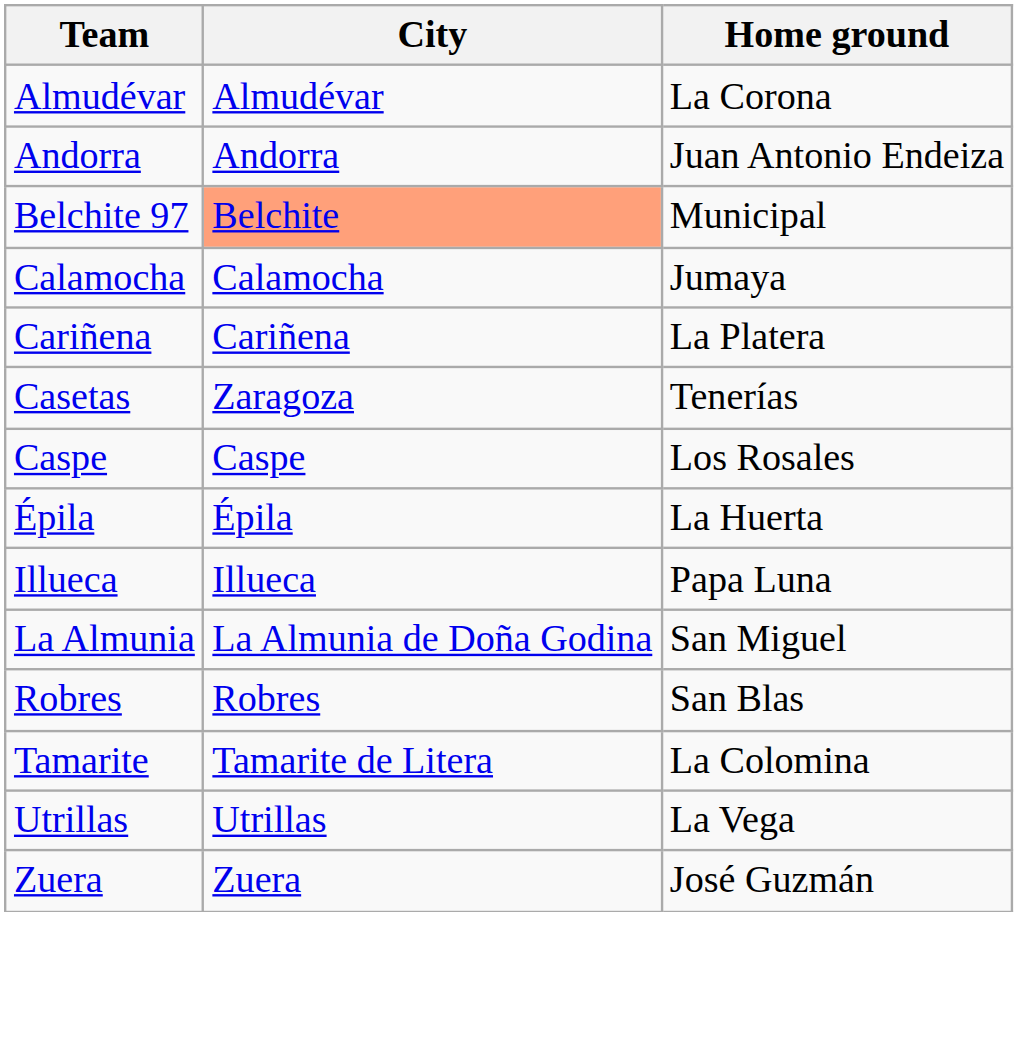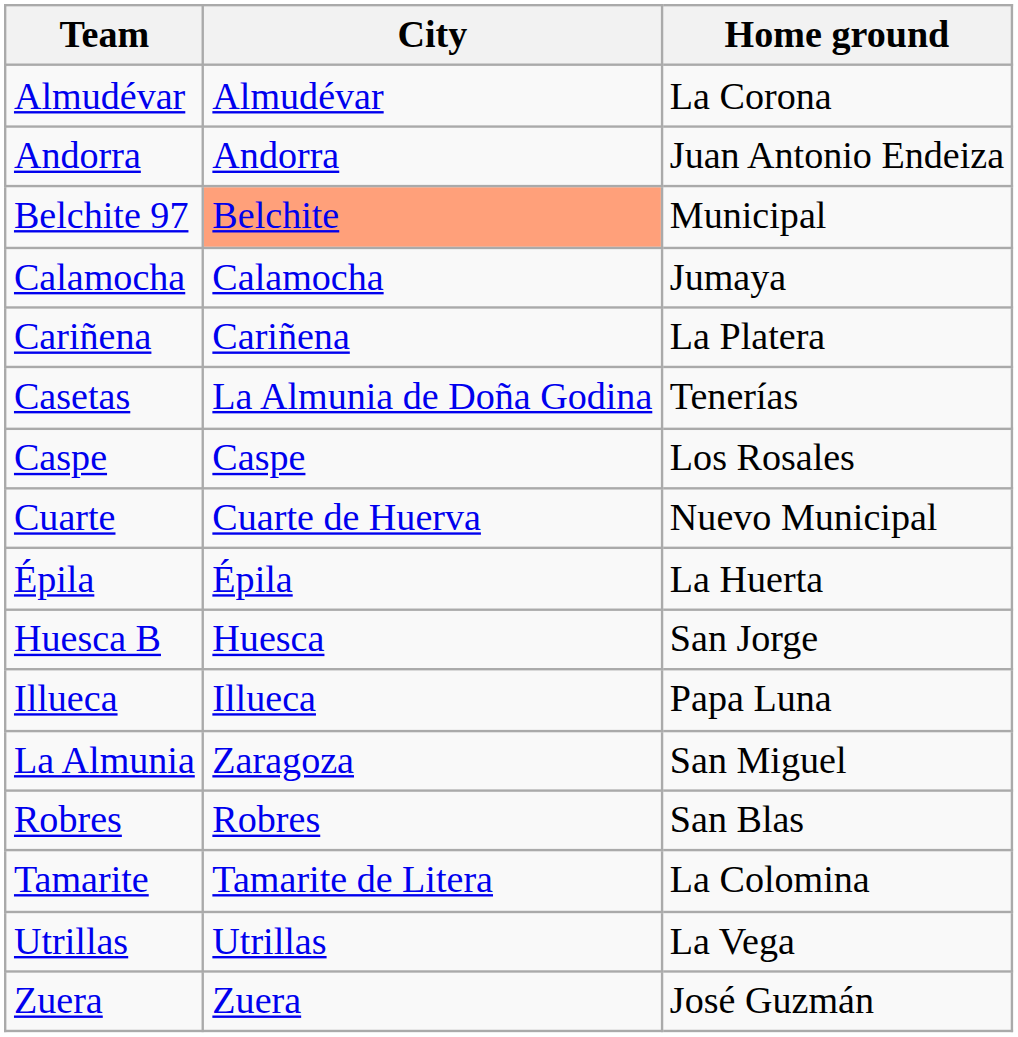 <table class="wikitable sortable">
 <tr>
 <th>Team</th>
 <th>City</th>
 <th>Home ground</th>
 </tr>
 <tr>
 <td><a href='#'>Almudévar</a></td>
 <td><a href='#'>Almudévar</a></td>
 <td>La Corona</td>
 </tr>
 <tr>
 <td><a href='#'>Andorra</a></td>
 <td><a href='#'>Andorra</a></td>
 <td>Juan Antonio Endeiza<br> </td>
 </tr>
 <tr>
 <td><a href='#'>Belchite 97</a></td>
 <td style="background: lightsalmon;"><a href='#'>Belchite</a></td>
 <td>Municipal<br></td>
 </tr>
 <tr>
 <td><a href='#'>Calamocha</a></td>
 <td><a href='#'>Calamocha</a></td>
 <td>Jumaya</td>
 </tr>
 <tr>
 <td><a href='#'>Cariñena</a></td>
 <td><a href='#'>Cariñena</a></td>
 <td>La Platera</td>
 </tr>
 <tr>
 <td><a href='#'>Casetas</a></td>
-<td><a href='#'>Zaragoza</a></td>
+<td><a href='#'>La Almunia de Doña Godina</a></td>
 <td>Tenerías</td>
 </tr>
 <tr>
 <td><a href='#'>Caspe</a></td>
 <td><a href='#'>Caspe</a></td>
 <td>Los Rosales</td>
 </tr>
 <tr>
+<td><a href='#'>Cuarte</a></td>
+<td><a href='#'>Cuarte de Huerva</a></td>
+<td>Nuevo Municipal</td>
+</tr>
+<tr>
 <td><a href='#'>Épila</a></td>
 <td><a href='#'>Épila</a></td>
 <td>La Huerta</td>
+</tr>
+<tr>
+<td><a href='#'>Huesca B</a></td>
+<td><a href='#'>Huesca</a></td>
+<td>San Jorge</td>
 </tr>
 <tr>
 <td><a href='#'>Illueca</a></td>
 <td><a href='#'>Illueca</a></td>
 <td>Papa Luna</td>
 </tr>
 <tr>
 <td><a href='#'>La Almunia</a></td>
-<td><a href='#'>La Almunia de Doña Godina</a></td>
+<td><a href='#'>Zaragoza</a></td>
 <td>San Miguel</td>
 </tr>
 <tr>
 <td><a href='#'>Robres</a></td>
 <td><a href='#'>Robres</a></td>
 <td>San Blas</td>
 </tr>
 <tr>
 <td><a href='#'>Tamarite</a></td>
 <td><a href='#'>Tamarite de Litera</a></td>
 <td>La Colomina</td>
 </tr>
 <tr>
 <td><a href='#'>Utrillas</a></td>
 <td><a href='#'>Utrillas</a></td>
 <td>La Vega</td>
 </tr>
 <tr>
 <td><a href='#'>Zuera</a></td>
 <td><a href='#'>Zuera</a></td>
 <td>José Guzmán</td>
 </tr>
 </table>
